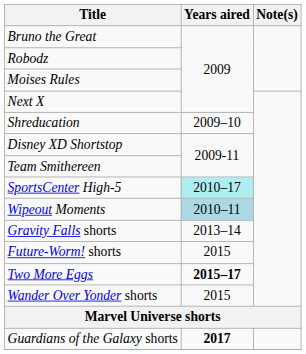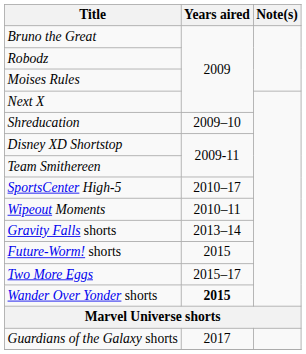 <table class="wikitable plainrowheaders sortable" style="text-align:center;">
 <tr>
 <th scope="col">Title</th>
 <th scope="col">Years aired</th>
 <th class="unsortable">Note(s)</th>
 </tr>
 <tr>
 <td scope="row" style="text-align:left;"><em>Bruno the Great</em></td>
 <td rowspan="4">2009</td>
 <td rowspan="3"></td>
 </tr>
 <tr>
 <td scope="row" style="text-align:left;"><em>Robodz</em></td>
 </tr>
 <tr>
 <td scope="row" style="text-align:left;"><em>Moises Rules</em></td>
 </tr>
 <tr>
 <td scope="row" style="text-align:left;"><em>Next X</em></td>
 <td rowspan="10"></td>
 </tr>
 <tr>
 <td scope="row" style="text-align:left;"><em>Shreducation</em></td>
 <td>2009–10</td>
 </tr>
 <tr>
 <td scope="row" style="text-align:left;"><em>Disney XD Shortstop</em></td>
 <td rowspan="2">2009-11</td>
 </tr>
 <tr>
 <td scope="row" style="text-align:left;"><em>Team Smithereen</em></td>
 </tr>
 <tr>
 <td scope="row" style="text-align:left;"><em><a href='#'>SportsCenter</a> High-5</em></td>
-<td style="background: paleturquoise;">2010–17</td>
+<td>2010–17</td>
 </tr>
 <tr>
 <td scope="row" style="text-align:left;"><em><a href='#'>Wipeout</a> Moments</em></td>
-<td style="background: lightblue;">2010–11</td>
+<td>2010–11</td>
 </tr>
 <tr>
 <td scope="row" style="text-align:left;"><em><a href='#'>Gravity Falls</a></em> shorts</td>
 <td>2013–14</td>
 </tr>
 <tr>
 <td scope="row" style="text-align:left;"><em><a href='#'>Future-Worm!</a></em> shorts</td>
 <td>2015</td>
 </tr>
 <tr>
 <td scope="row" style="text-align:left;"><em><a href='#'>Two More Eggs</a></em></td>
-<td><strong>2015–17</strong></td>
+<td>2015–17</td>
 </tr>
 <tr>
 <td scope="row" style="text-align:left;"><em><a href='#'>Wander Over Yonder</a></em> shorts</td>
-<td>2015</td>
+<td><strong>2015</strong></td>
 </tr>
 <tr>
 <th colspan="5">Marvel Universe shorts</th>
 </tr>
 <tr>
 <td scope="row" style="text-align:left;"><em>Guardians of the Galaxy</em> shorts</td>
-<td><strong>2017</strong></td>
+<td>2017</td>
 <td></td>
 </tr>
 <tr>
 </tr>
 </table>
